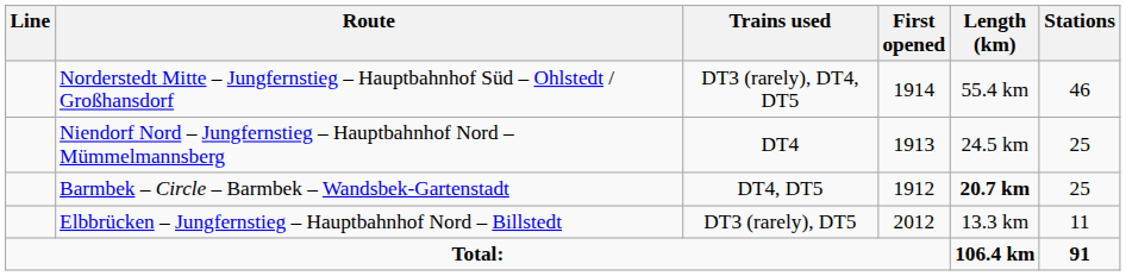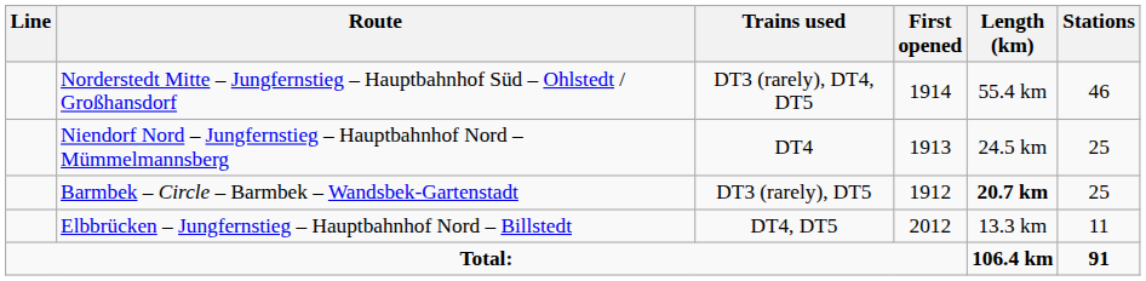 <table class="wikitable">
 <tr valign=top>
 <th>Line</th>
 <th>Route</th>
 <th>Trains used</th>
 <th>First<br>opened</th>
 <th>Length<br>(km)</th>
 <th>Stations</th>
 </tr>
 <tr>
 <td style="background-color:#"></td>
 <td><a href='#'>Norderstedt Mitte</a> – <a href='#'>Jungfernstieg</a> – Hauptbahnhof Süd – <a href='#'>Ohlstedt</a> / <a href='#'>Großhansdorf</a></td>
 <td style="text-align:center;">DT3 (rarely), DT4, DT5</td>
 <td style="text-align:center;">1914</td>
 <td style="text-align:center;">55.4 km</td>
 <td style="text-align:center;">46</td>
 </tr>
 <tr>
 <td style="background-color:#"></td>
 <td><a href='#'>Niendorf Nord</a> – <a href='#'>Jungfernstieg</a> – Hauptbahnhof Nord – <a href='#'>Mümmelmannsberg</a></td>
 <td style="text-align:center;">DT4</td>
 <td style="text-align:center;">1913</td>
 <td style="text-align:center;">24.5 km</td>
 <td style="text-align:center;">25</td>
 </tr>
 <tr>
 <td style="background-color:#"></td>
 <td><a href='#'>Barmbek</a> – <em>Circle</em> – Barmbek – <a href='#'>Wandsbek-Gartenstadt</a></td>
-<td style="text-align:center;">DT4, DT5</td>
+<td style="text-align:center;">DT3 (rarely), DT5</td>
 <td style="text-align:center;">1912</td>
 <td style="text-align:center;"><strong>20.7 km</strong></td>
 <td style="text-align:center;">25</td>
 </tr>
 <tr>
 <td style="background-color:#"></td>
 <td><a href='#'>Elbbrücken</a> – <a href='#'>Jungfernstieg</a> – Hauptbahnhof Nord – <a href='#'>Billstedt</a></td>
-<td style="text-align:center;">DT3 (rarely), DT5</td>
+<td style="text-align:center;">DT4, DT5</td>
 <td style="text-align:center;">2012</td>
 <td style="text-align:center;">13.3 km</td>
 <td style="text-align:center;">11</td>
 </tr>
 <tr>
 <td colspan="4" style="text-align:center;"><strong>Total:</strong></td>
 <td style="text-align:center;"><strong>106.4 km</strong></td>
 <td style="text-align:center;"><strong>91</strong></td>
 </tr>
 </table>
